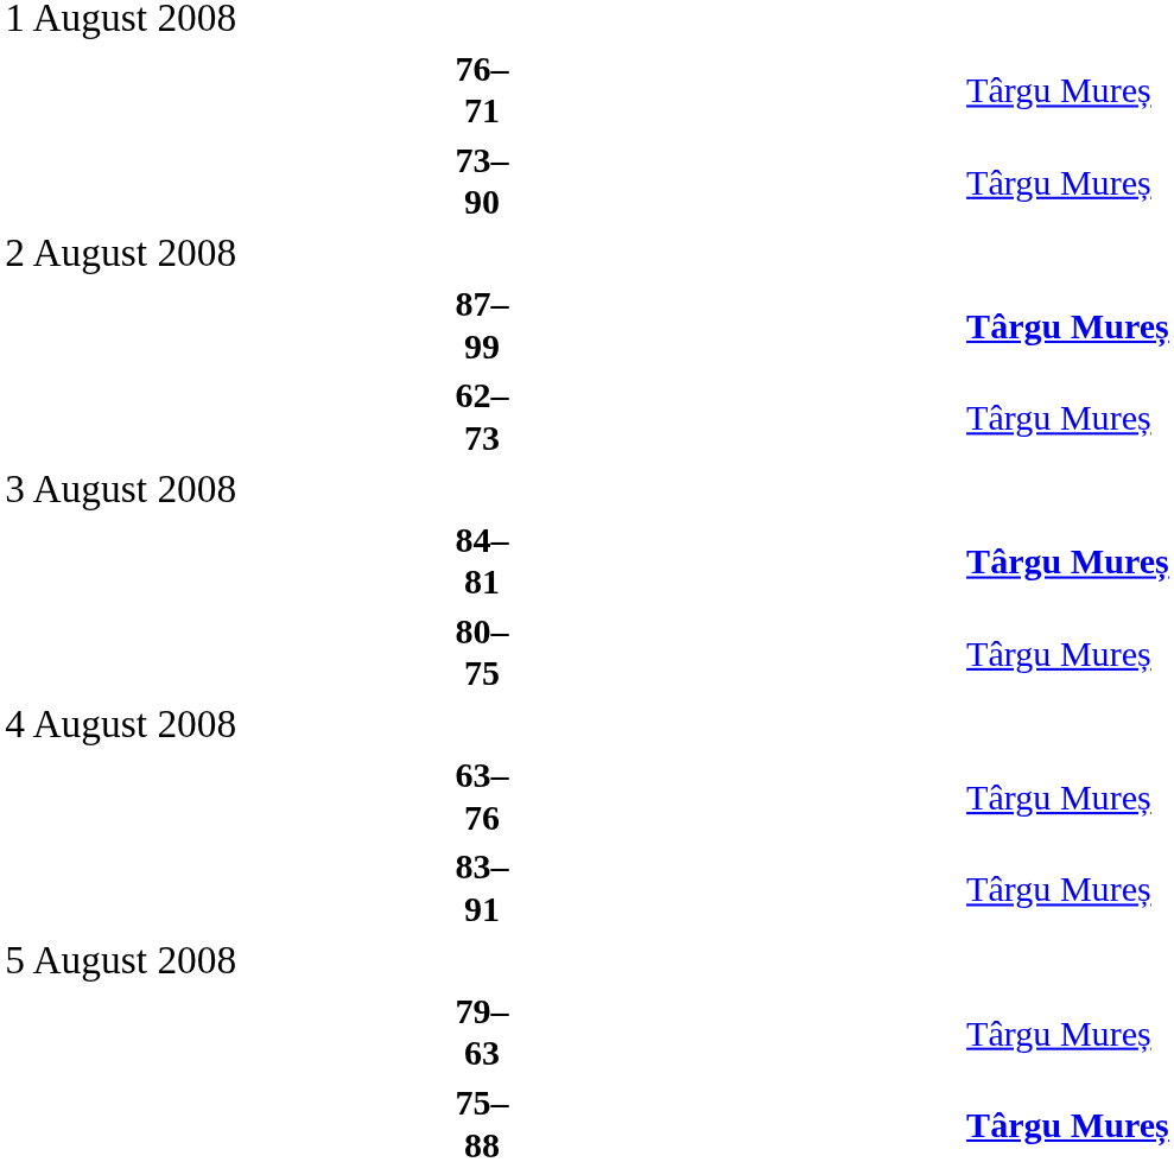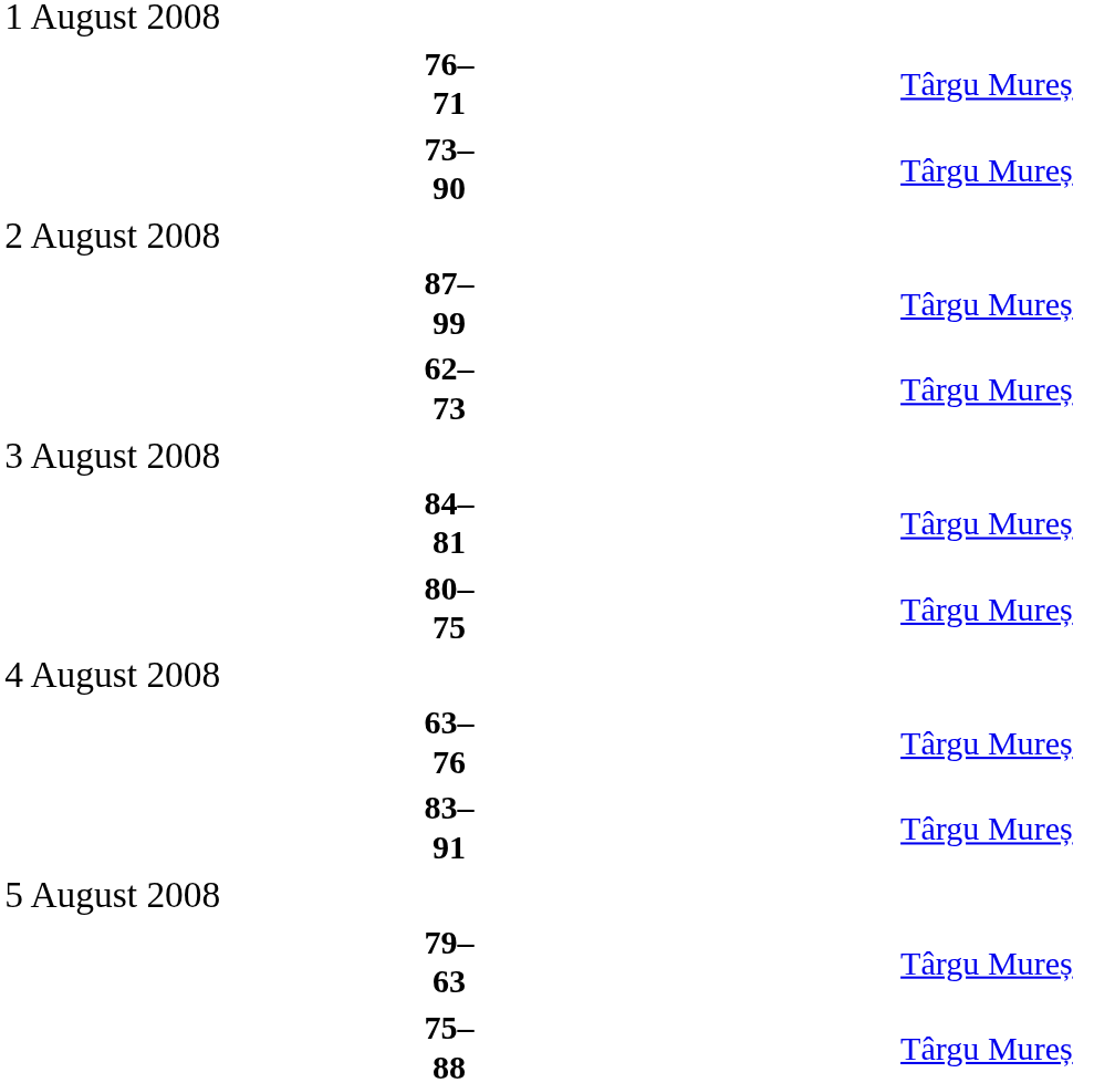 <table style="width:100%;" cellspacing="1">
 <tr>
 <th width=25%></th>
 <th width=3%></th>
 <th width=6%></th>
 <th width=3%></th>
 <th width=25%></th>
 </tr>
 <tr>
 <td>1 August 2008</td>
 </tr>
 <tr style=font-size:90%>
 <td align=right><strong></strong></td>
 <td></td>
 <td align=center><strong>76–71</strong></td>
 <td></td>
 <td><strong></strong></td>
 <td><a href='#'>Târgu Mureș</a></td>
 </tr>
 <tr style=font-size:90%>
 <td align=right><strong></strong></td>
 <td></td>
 <td align=center><strong>73–90</strong></td>
 <td></td>
 <td><strong></strong></td>
 <td><a href='#'>Târgu Mureș</a></td>
 </tr>
 <tr>
 <td>2 August 2008</td>
 </tr>
 <tr style=font-size:90%>
 <td align=right><strong></strong></td>
 <td></td>
 <td align=center><strong>87–99</strong></td>
 <td></td>
 <td><strong></strong></td>
-<td><strong><a href='#'>Târgu Mureș</a></strong></td>
+<td><a href='#'>Târgu Mureș</a></td>
 </tr>
 <tr style=font-size:90%>
 <td align=right><strong></strong></td>
 <td></td>
 <td align=center><strong>62–73</strong></td>
 <td></td>
 <td><strong></strong></td>
 <td><a href='#'>Târgu Mureș</a></td>
 </tr>
 <tr>
 <td>3 August 2008</td>
 </tr>
 <tr style=font-size:90%>
 <td align=right><strong></strong></td>
 <td></td>
 <td align=center><strong>84–81</strong></td>
 <td></td>
 <td><strong></strong></td>
-<td><strong><a href='#'>Târgu Mureș</a></strong></td>
+<td><a href='#'>Târgu Mureș</a></td>
 </tr>
 <tr style=font-size:90%>
 <td align=right><strong></strong></td>
 <td></td>
 <td align=center><strong>80–75</strong></td>
 <td></td>
 <td><strong></strong></td>
 <td><a href='#'>Târgu Mureș</a></td>
 </tr>
 <tr>
 <td>4 August 2008</td>
 </tr>
 <tr style=font-size:90%>
 <td align=right><strong></strong></td>
 <td></td>
 <td align=center><strong>63–76</strong></td>
 <td></td>
 <td><strong></strong></td>
 <td><a href='#'>Târgu Mureș</a></td>
 </tr>
 <tr style=font-size:90%>
 <td align=right><strong></strong></td>
 <td></td>
 <td align=center><strong>83–91</strong></td>
 <td></td>
 <td><strong></strong></td>
 <td><a href='#'>Târgu Mureș</a></td>
 </tr>
 <tr>
 <td>5 August 2008</td>
 </tr>
 <tr style=font-size:90%>
 <td align=right><strong></strong></td>
 <td></td>
 <td align=center><strong>79–63</strong></td>
 <td></td>
 <td><strong></strong></td>
 <td><a href='#'>Târgu Mureș</a></td>
 </tr>
 <tr style=font-size:90%>
 <td align=right><strong></strong></td>
 <td></td>
 <td align=center><strong>75–88</strong></td>
 <td></td>
 <td><strong></strong></td>
-<td><strong><a href='#'>Târgu Mureș</a></strong></td>
+<td><a href='#'>Târgu Mureș</a></td>
 </tr>
 </table>
